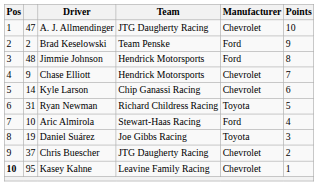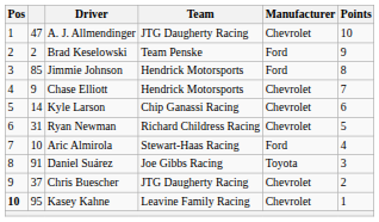 <table class="wikitable" style="font-size:98%">
 <tr>
 <th>Pos</th>
 <th></th>
 <th>Driver</th>
 <th>Team</th>
 <th>Manufacturer</th>
 <th>Points</th>
 </tr>
 <tr>
 <td>1</td>
 <td>47</td>
 <td>A. J. Allmendinger</td>
 <td>JTG Daugherty Racing</td>
 <td>Chevrolet</td>
 <td>10</td>
 </tr>
 <tr>
 <td>2</td>
 <td>2</td>
 <td>Brad Keselowski</td>
 <td>Team Penske</td>
 <td>Ford</td>
 <td>9</td>
 </tr>
 <tr>
 <td>3</td>
-<td>48</td>
+<td>85</td>
 <td>Jimmie Johnson</td>
 <td>Hendrick Motorsports</td>
 <td>Ford</td>
 <td>8</td>
 </tr>
 <tr>
 <td>4</td>
 <td>9</td>
 <td>Chase Elliott</td>
 <td>Hendrick Motorsports</td>
 <td>Chevrolet</td>
 <td>7</td>
 </tr>
 <tr>
 <td>5</td>
 <td>14</td>
 <td>Kyle Larson</td>
 <td>Chip Ganassi Racing</td>
 <td>Chevrolet</td>
 <td>6</td>
 </tr>
 <tr>
 <td>6</td>
 <td>31</td>
 <td>Ryan Newman</td>
 <td>Richard Childress Racing</td>
-<td>Toyota</td>
+<td>Chevrolet</td>
 <td>5</td>
 </tr>
 <tr>
 <td>7</td>
 <td>10</td>
 <td>Aric Almirola</td>
 <td>Stewart-Haas Racing</td>
 <td>Ford</td>
 <td>4</td>
 </tr>
 <tr>
 <td>8</td>
-<td>19</td>
+<td>91</td>
 <td>Daniel Suárez</td>
 <td>Joe Gibbs Racing</td>
 <td>Toyota</td>
 <td>3</td>
 </tr>
 <tr>
 <td>9</td>
 <td>37</td>
 <td>Chris Buescher</td>
 <td>JTG Daugherty Racing</td>
 <td>Chevrolet</td>
 <td>2</td>
 </tr>
 <tr>
 <td><strong>10</strong></td>
 <td>95</td>
 <td>Kasey Kahne</td>
 <td>Leavine Family Racing</td>
 <td>Chevrolet</td>
 <td>1</td>
 </tr>
 <tr>
 <th colspan="6"></th>
 </tr>
 </table>
